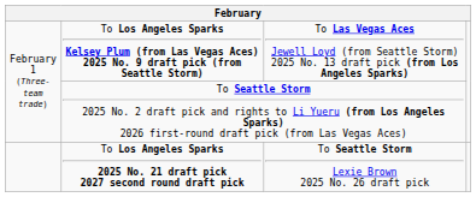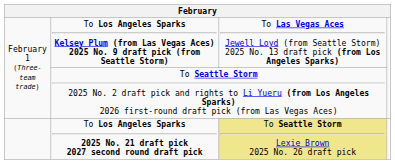 <table class="wikitable sortable" style="width:100%; text-align: center">
 <tr>
 <th colspan="4">February</th>
 </tr>
 <tr>
 <td style="width:12%" rowspan=2>February 1<br><small>(<em>Three-team trade</em>)</small></td>
 <td style="width:30%" valign="top">To <strong>Los Angeles Sparks</strong><hr><strong><a href='#'>Kelsey Plum</a> (from Las Vegas Aces)<br>2025 No. 9 draft pick (from Seattle Storm)</strong></td>
 <td style="width:30%" valign="top">To <strong><a href='#'>Las Vegas Aces</a></strong><hr><a href='#'>Jewell Loyd</a> (from Seattle Storm)<br>2025 No. 13 draft pick <strong>(from Los Angeles Sparks)</strong></td>
 <td rowspan=2></td>
 </tr>
 <tr>
 <td style="width:30%" valign="top" colspan=2>To <strong><a href='#'>Seattle Storm</a></strong><hr>2025 No. 2 draft pick and rights to <a href='#'>Li Yueru</a> <strong>(from Los Angeles Sparks)</strong><br>2026 first-round draft pick (from Las Vegas Aces)</td>
 </tr>
 <tr>
 <td style="width:10%"></td>
 <td style="width:44%; vertical-align:top;">To <strong>Los Angeles Sparks</strong><hr><strong>2025 No. 21 draft pick<br>2027 second round draft pick</strong></td>
-<td style="width:44%; vertical-align:top;">To <strong>Seattle Storm</strong><hr><a href='#'>Lexie Brown</a><br>2025 No. 26 draft pick<br></td>
+<td style="background: khaki; width:44%; vertical-align:top;">To <strong>Seattle Storm</strong><hr><a href='#'>Lexie Brown</a><br>2025 No. 26 draft pick<br></td>
 <td></td>
 </tr>
 </table>
